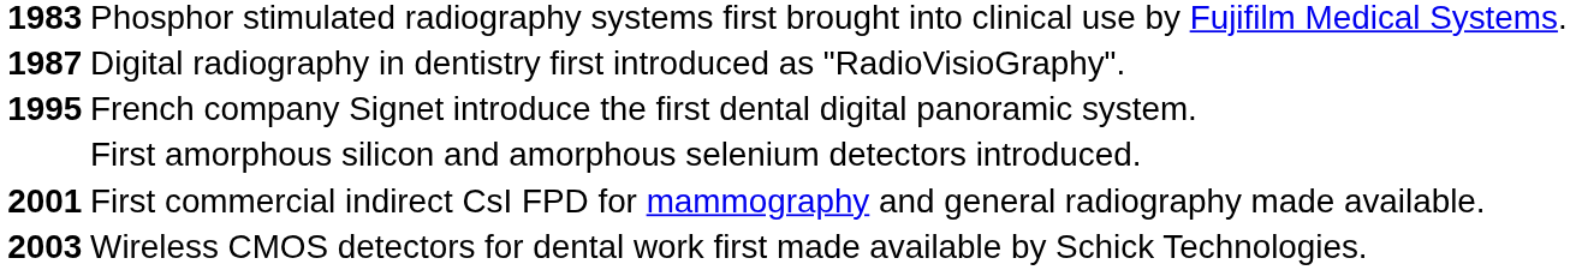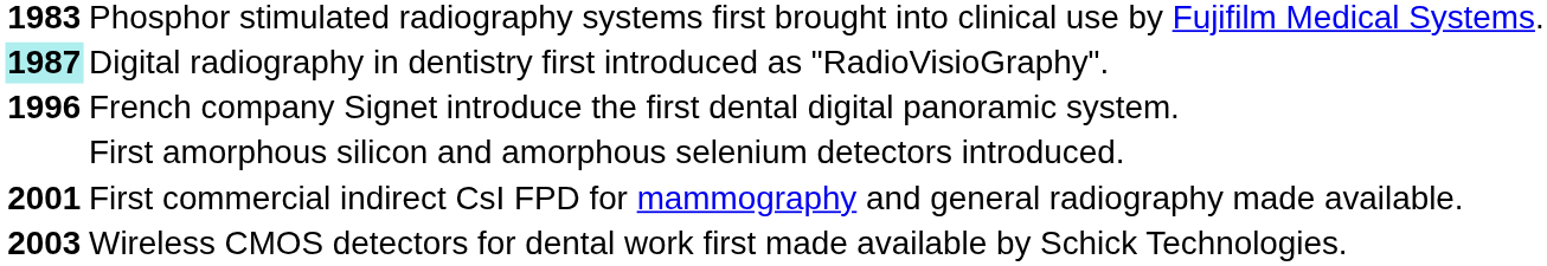 <table>
 <tr>
 <td><strong>1983</strong></td>
 <td>Phosphor stimulated radiography systems first brought into clinical use by <a href='#'>Fujifilm Medical Systems</a>.</td>
 </tr>
 <tr>
-<td><strong>1987</strong></td>
+<td style="background: paleturquoise;"><strong>1987</strong></td>
 <td>Digital radiography in dentistry first introduced as "RadioVisioGraphy".</td>
 </tr>
 <tr>
-<td><strong>1995</strong></td>
+<td><strong>1996</strong></td>
 <td>French company Signet introduce the first dental digital panoramic system.</td>
 </tr>
 <tr>
 <td></td>
 <td>First amorphous silicon and amorphous selenium detectors introduced.</td>
 </tr>
 <tr>
 <td><strong>2001</strong></td>
 <td>First commercial indirect CsI FPD for <a href='#'>mammography</a> and general radiography made available.</td>
 </tr>
 <tr>
 <td><strong>2003</strong></td>
 <td>Wireless CMOS detectors for dental work first made available by Schick Technologies.</td>
 </tr>
 </table>
